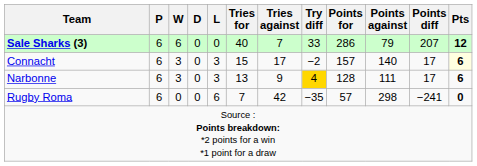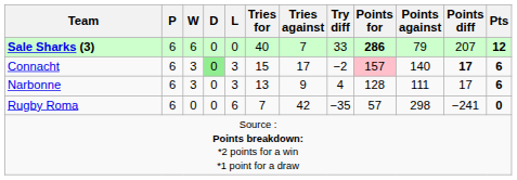 <table class="wikitable" style="text-align: center;">
 <tr>
 <th width="200">Team</th>
 <th width="20">P</th>
 <th width="20">W</th>
 <th width="20">D</th>
 <th width="20">L</th>
 <th width="20">Tries for</th>
 <th width="20">Tries against</th>
 <th width="20">Try diff</th>
 <th width="20">Points for</th>
 <th width="20">Points against</th>
 <th width="25">Points diff</th>
 <th width="20">Pts</th>
 </tr>
 <tr bgcolor="#ccffcc">
 <td align="left"> <strong><a href='#'>Sale Sharks</a> (3)</strong></td>
 <td>6</td>
 <td>6</td>
 <td>0</td>
 <td>0</td>
 <td>40</td>
 <td>7</td>
 <td>33</td>
-<td>286</td>
+<td><strong>286</strong></td>
 <td>79</td>
 <td>207</td>
 <td><strong>12</strong></td>
 </tr>
 <tr>
 <td align="left"> <a href='#'>Connacht</a></td>
 <td>6</td>
 <td>3</td>
-<td>0</td>
+<td style="background: lightgreen;">0</td>
 <td>3</td>
 <td>15</td>
 <td>17</td>
 <td>−2</td>
-<td>157</td>
+<td style="background: pink;">157</td>
 <td>140</td>
-<td>17</td>
-<td style="background: lightyellow;"><strong>6</strong></td>
+<td><strong>17</strong></td>
+<td><strong>6</strong></td>
 </tr>
 <tr>
 <td align="left"> <a href='#'>Narbonne</a></td>
 <td>6</td>
 <td>3</td>
 <td>0</td>
 <td>3</td>
 <td>13</td>
 <td>9</td>
-<td style="background: gold;">4</td>
+<td>4</td>
 <td>128</td>
 <td>111</td>
 <td>17</td>
 <td><strong>6</strong></td>
 </tr>
 <tr>
 <td align="left"> <a href='#'>Rugby Roma</a></td>
 <td>6</td>
 <td>0</td>
 <td>0</td>
 <td>6</td>
 <td>7</td>
 <td>42</td>
 <td>−35</td>
 <td>57</td>
 <td>298</td>
 <td>−241</td>
 <td><strong>0</strong></td>
 </tr>
 <tr |align=left|>
 <td colspan="14" style="border:0px"><small>Source :  <br><strong>Points breakdown:</strong><br>*2 points for a win<br>*1 point for a draw</small></td>
 </tr>
 </table>
